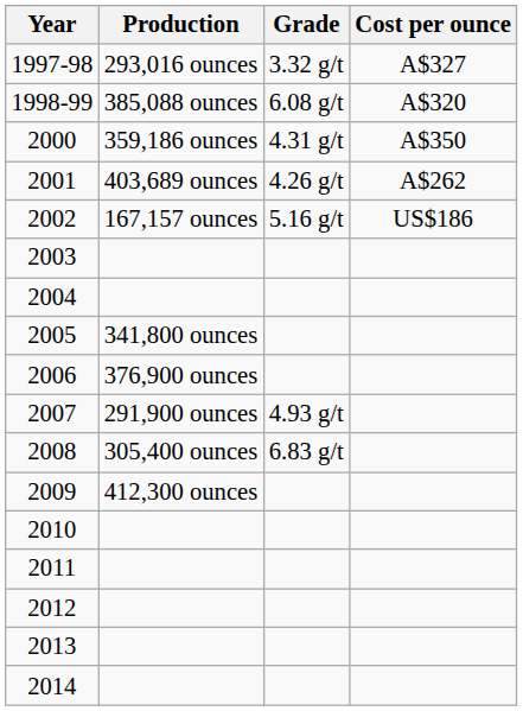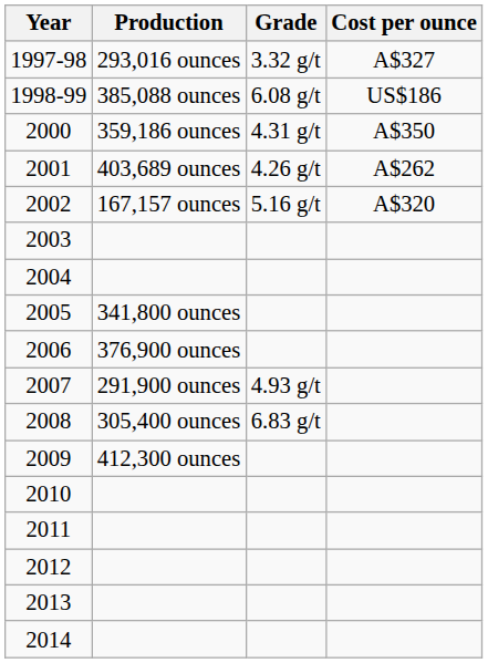 <table class="wikitable">
 <tr style="text-align:center;">
 <th>Year</th>
 <th>Production</th>
 <th>Grade</th>
 <th>Cost per ounce</th>
 </tr>
 <tr style="text-align:center;">
 <td>1997-98</td>
 <td>293,016 ounces</td>
 <td>3.32 g/t</td>
 <td>A$327</td>
 </tr>
 <tr style="text-align:center;">
 <td>1998-99</td>
 <td>385,088 ounces</td>
 <td>6.08 g/t</td>
-<td>A$320</td>
+<td>US$186</td>
 </tr>
 <tr style="text-align:center;">
 <td>2000</td>
 <td>359,186 ounces</td>
 <td>4.31 g/t</td>
 <td>A$350</td>
 </tr>
 <tr style="text-align:center;">
 <td>2001</td>
 <td>403,689 ounces</td>
 <td>4.26 g/t</td>
 <td>A$262</td>
 </tr>
 <tr style="text-align:center;">
 <td>2002 </td>
 <td>167,157 ounces</td>
 <td>5.16 g/t</td>
-<td>US$186</td>
+<td>A$320</td>
 </tr>
 <tr style="text-align:center;">
 <td>2003</td>
 <td></td>
 <td></td>
 <td></td>
 </tr>
 <tr style="text-align:center;">
 <td>2004</td>
 <td></td>
 <td></td>
 <td></td>
 </tr>
 <tr style="text-align:center;">
 <td>2005</td>
 <td>341,800 ounces</td>
 <td></td>
 <td></td>
 </tr>
 <tr style="text-align:center;">
 <td>2006</td>
 <td>376,900 ounces</td>
 <td></td>
 <td></td>
 </tr>
 <tr style="text-align:center;">
 <td>2007</td>
 <td>291,900 ounces</td>
 <td>4.93 g/t</td>
 <td></td>
 </tr>
 <tr style="text-align:center;">
 <td>2008</td>
 <td>305,400 ounces</td>
 <td>6.83 g/t</td>
 <td></td>
 </tr>
 <tr style="text-align:center;">
 <td>2009</td>
 <td>412,300 ounces</td>
 <td></td>
 <td></td>
 </tr>
 <tr style="text-align:center;">
 <td>2010</td>
 <td></td>
 <td></td>
 <td></td>
 </tr>
 <tr style="text-align:center;">
 <td>2011</td>
 <td></td>
 <td></td>
 <td></td>
 </tr>
 <tr style="text-align:center;">
 <td>2012</td>
 <td></td>
 <td></td>
 <td></td>
 </tr>
 <tr style="text-align:center;">
 <td>2013</td>
 <td></td>
 <td></td>
 <td></td>
 </tr>
 <tr style="text-align:center;">
 <td>2014</td>
 <td></td>
 <td></td>
 <td></td>
 </tr>
 </table>
